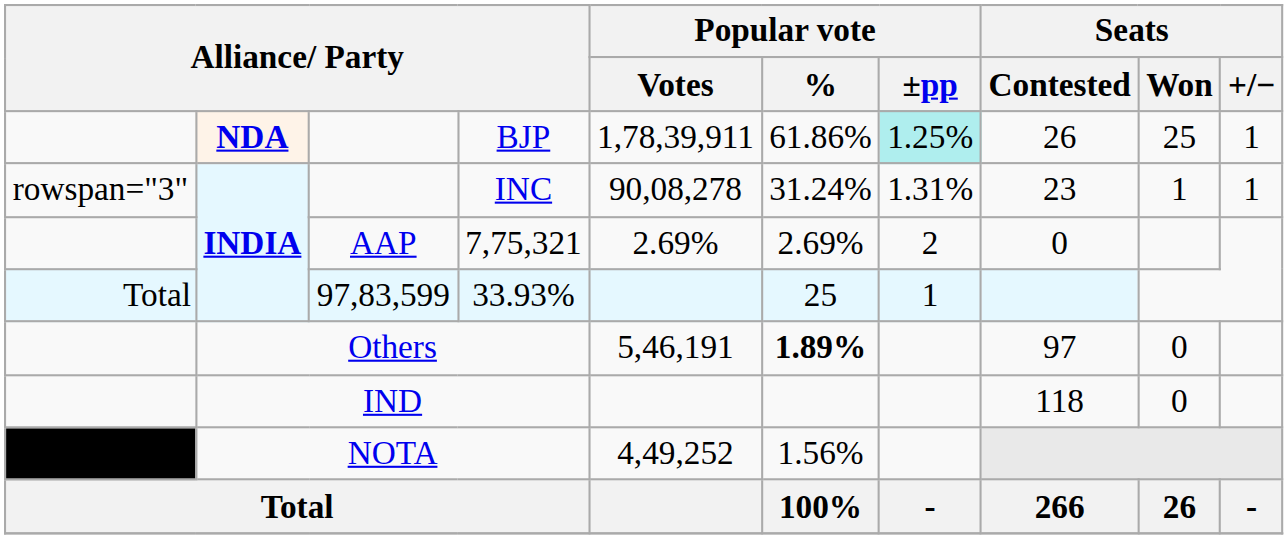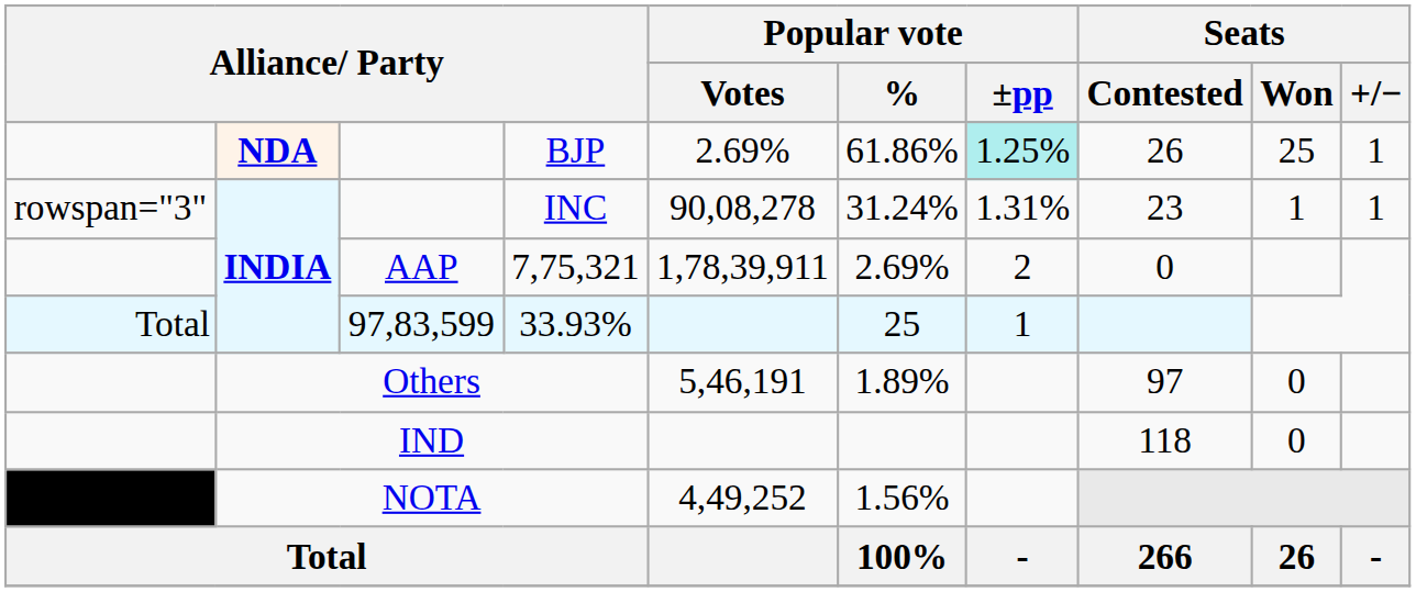 <table class="wikitable sortable" style="text-align:center;">
 <tr>
 <th colspan="4" rowspan="2">Alliance/ Party</th>
 <th colspan="3">Popular vote</th>
 <th colspan="3">Seats</th>
 </tr>
 <tr>
 <th>Votes</th>
 <th>%</th>
 <th>±<a href='#'>pp</a></th>
 <th>Contested</th>
 <th>Won</th>
 <th><strong>+/−</strong></th>
 </tr>
 <tr>
 <td></td>
 <th style="background:#fef3e8"><a href='#'>NDA</a></th>
 <td></td>
 <td><a href='#'>BJP</a></td>
-<td>1,78,39,911</td>
+<td>2.69%</td>
 <td>61.86%</td>
 <td style="background: paleturquoise;">1.25%</td>
 <td>26</td>
 <td>25</td>
 <td>1</td>
 </tr>
 <tr>
 <td>rowspan="3" </td>
 <th rowspan="3"style="background:#E5F8FF"><a href='#'>INDIA</a></th>
 <td></td>
 <td><a href='#'>INC</a></td>
 <td>90,08,278</td>
 <td>31.24%</td>
 <td>1.31%</td>
 <td>23</td>
 <td>1</td>
 <td>1</td>
 </tr>
 <tr>
 <td></td>
 <td><a href='#'>AAP</a></td>
 <td>7,75,321</td>
-<td>2.69%</td>
+<td>1,78,39,911</td>
 <td> 2.69%</td>
 <td>2</td>
 <td>0</td>
 <td></td>
 </tr>
 <tr>
 <td colspan="2"style="background:#E5F8FF">Total</td>
 <td style="background:#E5F8FF">97,83,599</td>
 <td style="background:#E5F8FF">33.93%</td>
 <td style="background:#E5F8FF"></td>
 <td style="background:#E5F8FF">25</td>
 <td style="background:#E5F8FF">1</td>
 <td style="background:#E5F8FF"></td>
 </tr>
 <tr>
 <td></td>
 <td colspan="3"><a href='#'>Others</a></td>
 <td>5,46,191</td>
-<td><strong>1.89%</strong></td>
+<td>1.89%</td>
 <td></td>
 <td>97</td>
 <td>0</td>
 <td></td>
 </tr>
 <tr>
 <td></td>
 <td colspan="3"><a href='#'>IND</a></td>
 <td></td>
 <td></td>
 <td></td>
 <td>118</td>
 <td>0</td>
 <td></td>
 </tr>
 <tr>
 <td bgcolor="Black"></td>
 <td colspan="3"><a href='#'>NOTA</a></td>
 <td>4,49,252</td>
 <td>1.56%</td>
 <td></td>
 <th colspan="3" style="background-color:#E9E9E9"></th>
 </tr>
 <tr>
 <th colspan="4">Total</th>
 <th></th>
 <th>100%</th>
 <th>-</th>
 <th>266</th>
 <th>26</th>
 <th>-</th>
 </tr>
 <tr>
 </tr>
 </table>
